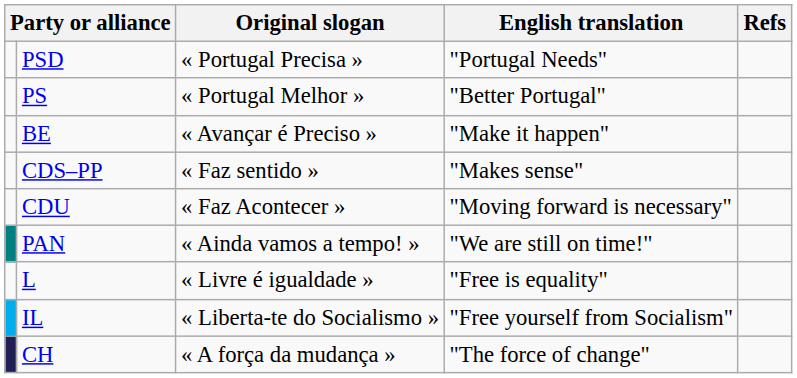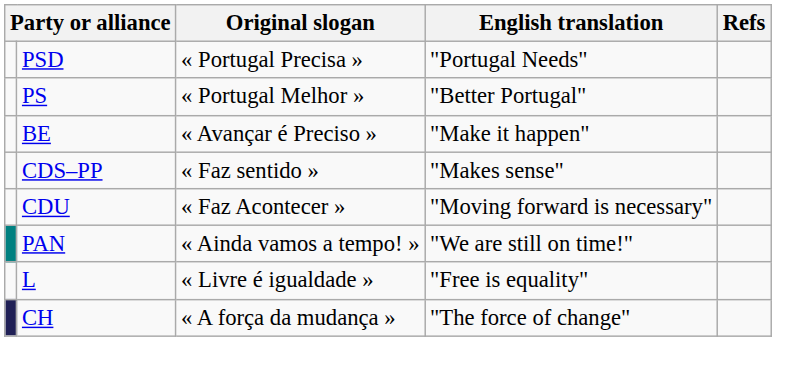 <table class="wikitable" style="font-size:97%; text-align:left;">
 <tr>
 <th style="text-align:left;" colspan="2">Party or alliance</th>
 <th>Original slogan</th>
 <th>English translation</th>
 <th>Refs</th>
 </tr>
 <tr>
 <td></td>
 <td><a href='#'>PSD</a></td>
 <td>« Portugal Precisa »</td>
 <td>"Portugal Needs"</td>
 <td></td>
 </tr>
 <tr>
 <td width="1"></td>
 <td><a href='#'>PS</a></td>
 <td>« Portugal Melhor »</td>
 <td>"Better Portugal"</td>
 <td></td>
 </tr>
 <tr>
 <td></td>
 <td><a href='#'>BE</a></td>
 <td>« Avançar é Preciso »</td>
 <td>"Make it happen"</td>
 <td></td>
 </tr>
 <tr>
 <td></td>
 <td><a href='#'>CDS–PP</a></td>
 <td>« Faz sentido »</td>
 <td>"Makes sense"</td>
 <td></td>
 </tr>
 <tr>
 <td></td>
 <td><a href='#'>CDU</a></td>
 <td>« Faz Acontecer »</td>
 <td>"Moving forward is necessary"</td>
 <td></td>
 </tr>
 <tr>
 <td style="background:teal;"></td>
 <td><a href='#'>PAN</a></td>
 <td>« Ainda vamos a tempo! »</td>
 <td>"We are still on time!"</td>
 <td></td>
 </tr>
 <tr>
 <td></td>
 <td><a href='#'>L</a></td>
 <td>« Livre é igualdade »</td>
 <td>"Free is equality"</td>
 <td></td>
 </tr>
 <tr>
-<td style="background:#00ADEF;"></td>
-<td><a href='#'>IL</a></td>
-<td>« Liberta-te do Socialismo »</td>
-<td>"Free yourself from Socialism"</td>
-<td></td>
-</tr>
-<tr>
 <td style="background:#202056;"></td>
 <td><a href='#'>CH</a></td>
 <td>« A força da mudança »</td>
 <td>"The force of change"</td>
 <td></td>
 </tr>
 </table>
